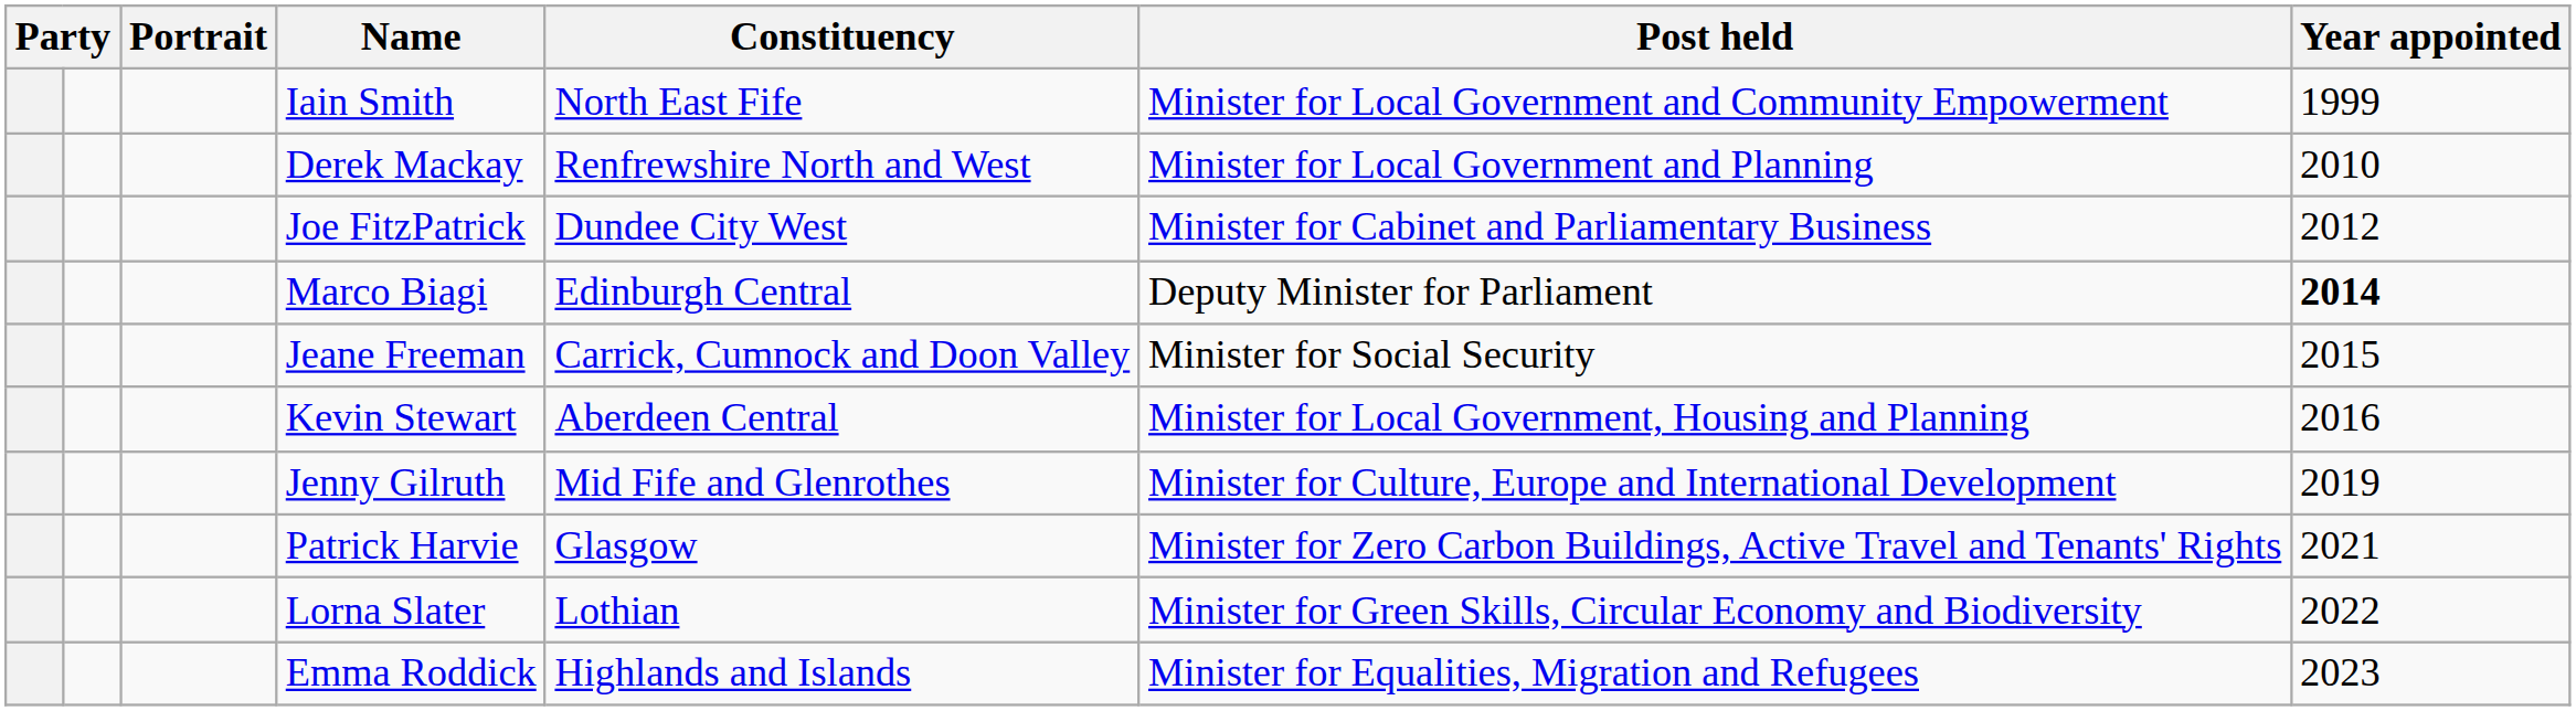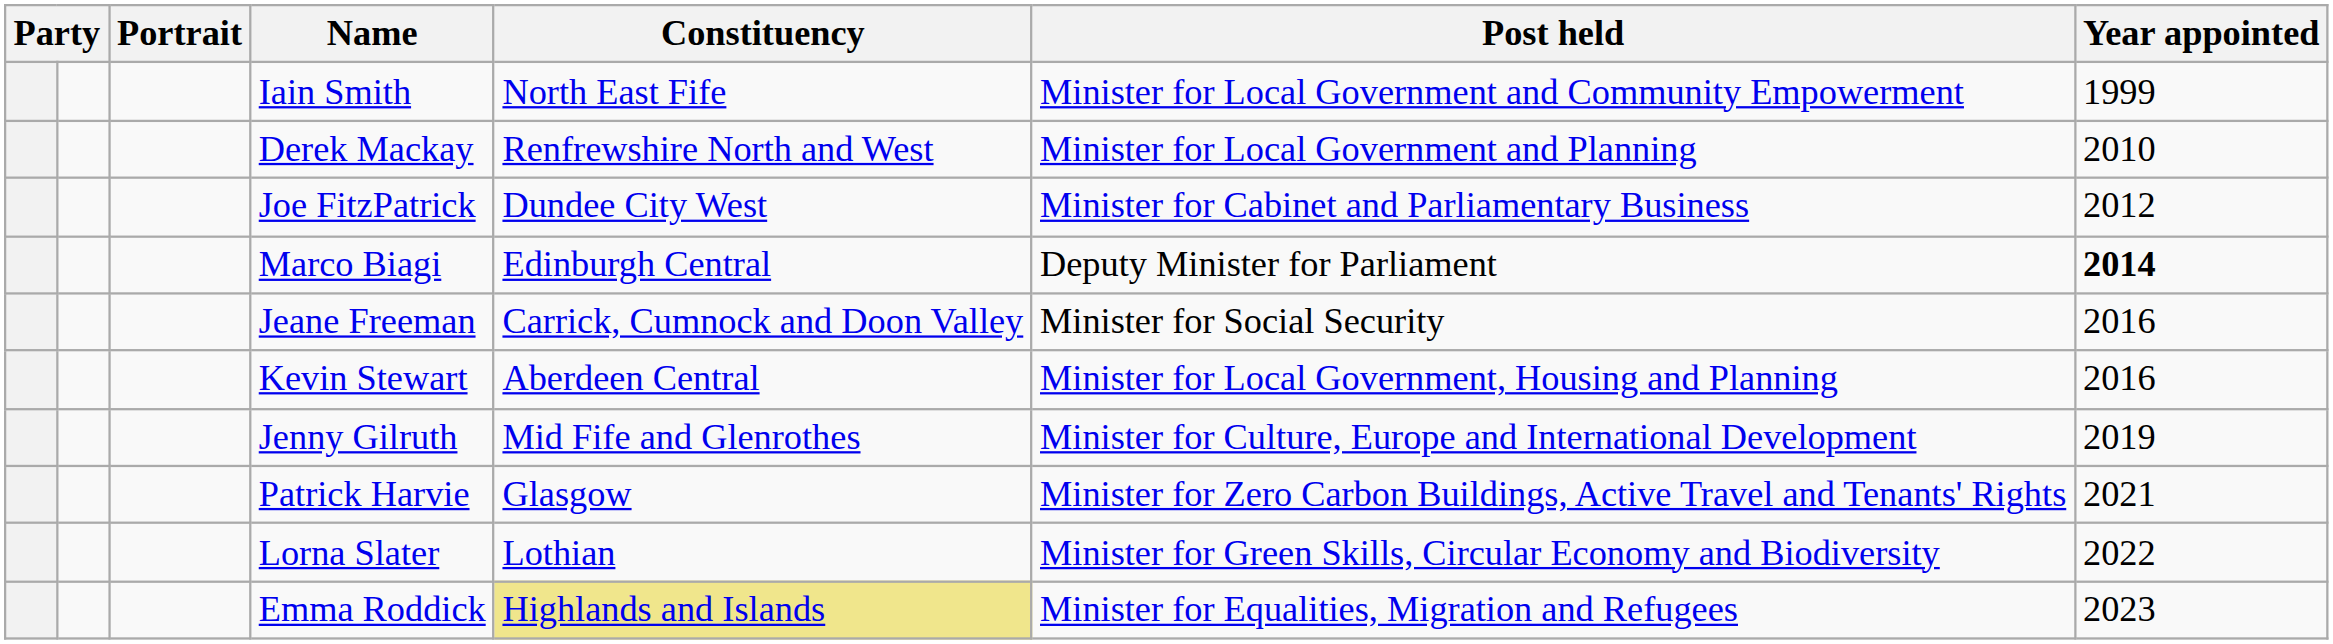 <table class="wikitable sortable">
 <tr>
 <th colspan="2">Party</th>
 <th class="unsortable">Portrait</th>
 <th class="unsortable">Name</th>
 <th class="unsortable">Constituency</th>
 <th class="unsortable">Post held</th>
 <th class="unsortable">Year appointed</th>
 </tr>
 <tr>
 <th style="background-color: "></th>
 <td></td>
 <td></td>
 <td><a href='#'>Iain Smith</a></td>
 <td><a href='#'>North East Fife</a></td>
 <td><a href='#'>Minister for Local Government and Community Empowerment</a></td>
 <td>1999</td>
 </tr>
 <tr>
 <th style="background-color: "></th>
 <td></td>
 <td></td>
 <td><a href='#'>Derek Mackay</a></td>
 <td><a href='#'>Renfrewshire North and West</a></td>
 <td><a href='#'>Minister for Local Government and Planning</a></td>
 <td>2010</td>
 </tr>
 <tr>
 <th style="background-color: "></th>
 <td></td>
 <td></td>
 <td><a href='#'>Joe FitzPatrick</a></td>
 <td><a href='#'>Dundee City West</a></td>
 <td><a href='#'>Minister for Cabinet and Parliamentary Business</a></td>
 <td>2012</td>
 </tr>
 <tr>
 <th style="background-color: "></th>
 <td></td>
 <td></td>
 <td><a href='#'>Marco Biagi</a></td>
 <td><a href='#'>Edinburgh Central</a></td>
 <td>Deputy Minister for Parliament</td>
 <td><strong>2014</strong></td>
 </tr>
 <tr>
 <th style="background-color: "></th>
 <td></td>
 <td></td>
 <td><a href='#'>Jeane Freeman</a></td>
 <td><a href='#'>Carrick, Cumnock and Doon Valley</a></td>
 <td>Minister for Social Security</td>
-<td>2015</td>
+<td>2016</td>
 </tr>
 <tr>
 <th style="background-color: "></th>
 <td></td>
 <td></td>
 <td><a href='#'>Kevin Stewart</a></td>
 <td><a href='#'>Aberdeen Central</a></td>
 <td><a href='#'>Minister for Local Government, Housing and Planning</a></td>
 <td>2016</td>
 </tr>
 <tr>
 <th style="background-color: "></th>
 <td></td>
 <td></td>
 <td><a href='#'>Jenny Gilruth</a></td>
 <td><a href='#'>Mid Fife and Glenrothes</a></td>
 <td><a href='#'>Minister for Culture, Europe and International Development</a></td>
 <td>2019</td>
 </tr>
 <tr>
 <th style="background-color: "></th>
 <td></td>
 <td></td>
 <td><a href='#'>Patrick Harvie</a></td>
 <td><a href='#'>Glasgow</a></td>
 <td><a href='#'>Minister for Zero Carbon Buildings, Active Travel and Tenants' Rights</a></td>
 <td>2021</td>
 </tr>
 <tr>
 <th style="background-color: "></th>
 <td></td>
 <td></td>
 <td><a href='#'>Lorna Slater</a></td>
 <td><a href='#'>Lothian</a></td>
 <td><a href='#'>Minister for Green Skills, Circular Economy and Biodiversity</a></td>
 <td>2022</td>
 </tr>
 <tr>
 <th style="background-color: "></th>
 <td></td>
 <td></td>
 <td><a href='#'>Emma Roddick</a></td>
-<td><a href='#'>Highlands and Islands</a></td>
+<td style="background: khaki;"><a href='#'>Highlands and Islands</a></td>
 <td><a href='#'>Minister for Equalities, Migration and Refugees</a></td>
 <td>2023</td>
 </tr>
 </table>
